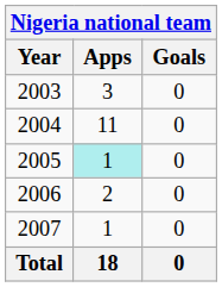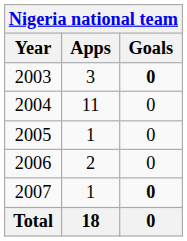 <table class="wikitable" style="text-align:center">
 <tr>
 <th colspan=3><a href='#'>Nigeria national team</a></th>
 </tr>
 <tr>
 <th>Year</th>
 <th>Apps</th>
 <th>Goals</th>
 </tr>
 <tr>
 <td>2003</td>
 <td>3</td>
-<td>0</td>
+<td><strong>0</strong></td>
 </tr>
 <tr>
 <td>2004</td>
 <td>11</td>
 <td>0</td>
 </tr>
 <tr>
 <td>2005</td>
-<td style="background: paleturquoise;">1</td>
+<td>1</td>
 <td>0</td>
 </tr>
 <tr>
 <td>2006</td>
 <td>2</td>
 <td>0</td>
 </tr>
 <tr>
 <td>2007</td>
 <td>1</td>
-<td>0</td>
+<td><strong>0</strong></td>
 </tr>
 <tr>
 <th>Total</th>
 <th>18</th>
 <th>0</th>
 </tr>
 </table>
